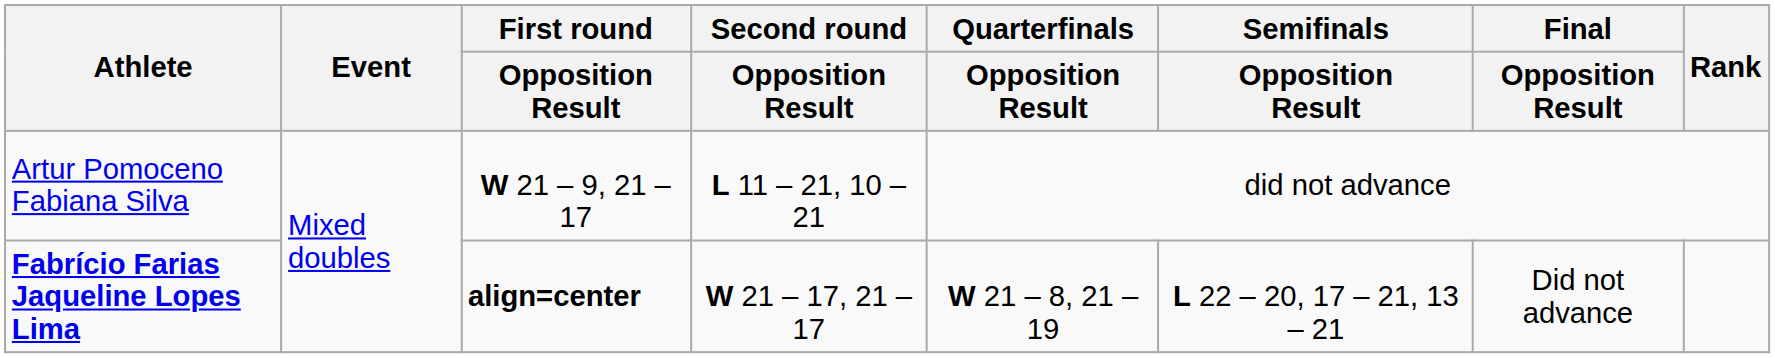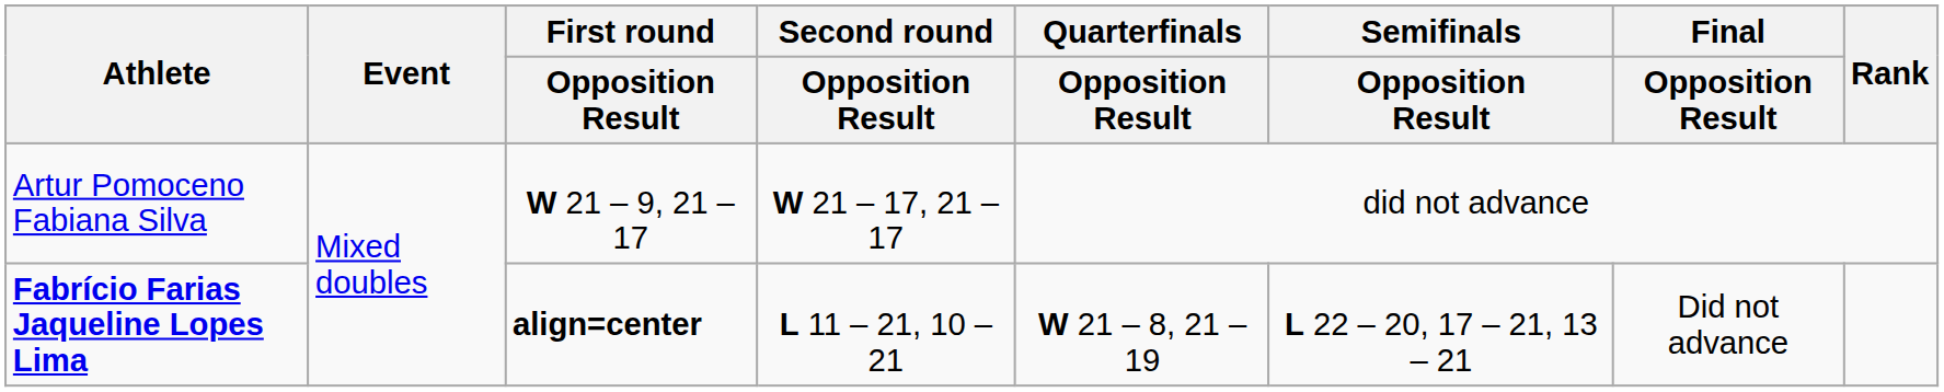 <table class="wikitable" style="font-size:90%">
 <tr>
 <th rowspan="2">Athlete</th>
 <th rowspan="2">Event</th>
 <th>First round</th>
 <th>Second round</th>
 <th>Quarterfinals</th>
 <th>Semifinals</th>
 <th>Final</th>
 <th rowspan="2">Rank</th>
 </tr>
 <tr>
 <th>Opposition<br>Result</th>
 <th>Opposition<br>Result</th>
 <th>Opposition<br>Result</th>
 <th>Opposition<br>Result</th>
 <th>Opposition<br>Result</th>
 </tr>
 <tr>
 <td><a href='#'>Artur Pomoceno</a><br><a href='#'>Fabiana Silva</a></td>
 <td rowspan=2><a href='#'>Mixed doubles</a></td>
 <td align=center><br><strong>W</strong> 21 – 9, 21 – 17</td>
-<td align=center><br><strong>L</strong> 11 – 21, 10 – 21</td>
+<td align=center><br><strong>W</strong> 21 – 17, 21 – 17</td>
 <td align=center colspan=5>did not advance</td>
 </tr>
 <tr>
 <td><strong><a href='#'>Fabrício Farias</a></strong><br><strong><a href='#'>Jaqueline Lopes Lima</a></strong></td>
 <td><strong>align=center </strong></td>
-<td align=center><br><strong>W</strong> 21 – 17, 21 – 17</td>
+<td align=center><br><strong>L</strong> 11 – 21, 10 – 21</td>
 <td align=center><br><strong>W</strong> 21 – 8, 21 – 19</td>
 <td align=center><br><strong>L</strong> 22 – 20, 17 – 21, 13 – 21</td>
 <td align=center>Did not advance</td>
 <td align=center></td>
 </tr>
 </table>
